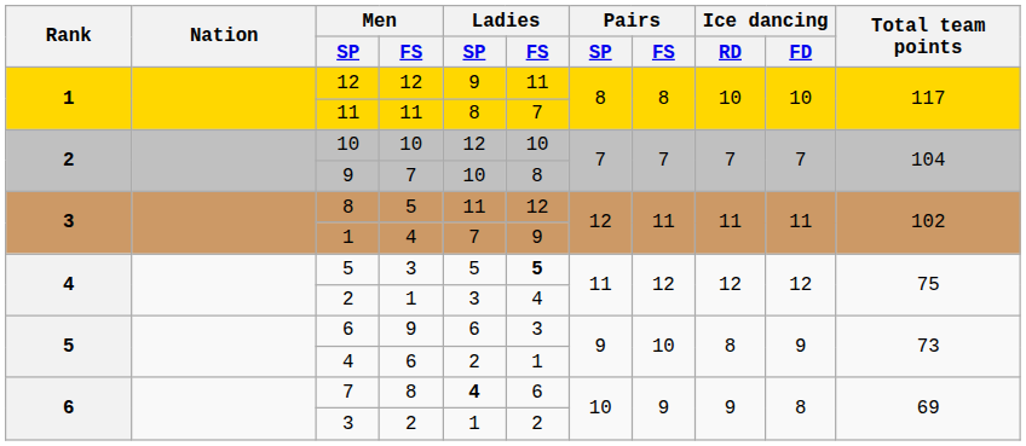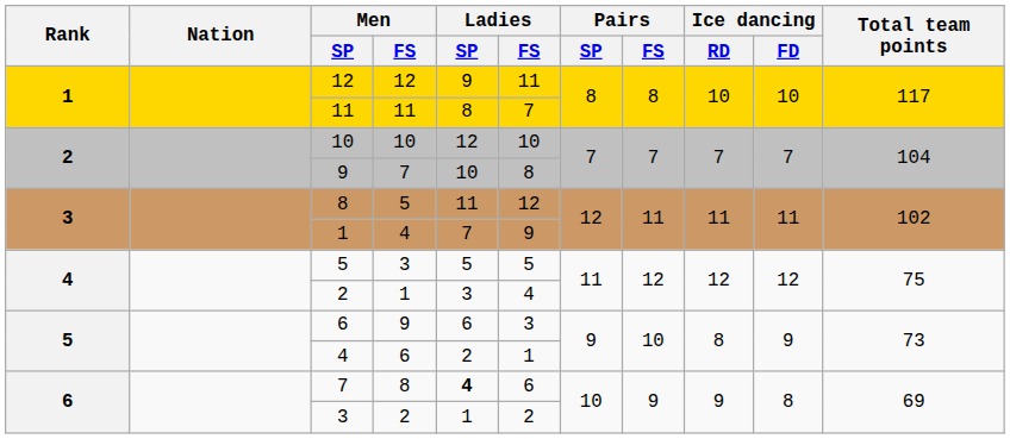 <table class="wikitable">
 <tr>
 <th width="80" rowspan="2">Rank</th>
 <th width="120" rowspan="2">Nation</th>
 <th width="80" colspan="2">Men</th>
 <th width="80" colspan="2">Ladies</th>
 <th width="80" colspan="2">Pairs</th>
 <th width="90" colspan="2">Ice dancing</th>
 <th width="120" rowspan="2">Total team points</th>
 </tr>
 <tr>
 <th><a href='#'>SP</a></th>
 <th><a href='#'>FS</a></th>
 <th><a href='#'>SP</a></th>
 <th><a href='#'>FS</a></th>
 <th><a href='#'>SP</a></th>
 <th><a href='#'>FS</a></th>
 <th><a href='#'>RD</a></th>
 <th><a href='#'>FD</a></th>
 </tr>
 <tr rowspan=2 bgcolor="gold">
 <td rowspan=2 align="center"><strong>1</strong></td>
 <td rowspan=2></td>
 <td align="center">12</td>
 <td align="center">12</td>
 <td align="center">9</td>
 <td align="center">11</td>
 <td rowspan=2 align="center">8</td>
 <td rowspan=2 align="center">8</td>
 <td rowspan=2 align="center">10</td>
 <td rowspan=2 align="center">10</td>
 <td rowspan=2 align="center">117</td>
 </tr>
 <tr bgcolor="gold">
 <td align="center">11</td>
 <td align="center">11</td>
 <td align="center">8</td>
 <td align="center">7</td>
 </tr>
 <tr rowspan=2 bgcolor="silver">
 <td rowspan=2 align="center"><strong>2</strong></td>
 <td rowspan=2></td>
 <td align="center">10</td>
 <td align="center">10</td>
 <td align="center">12</td>
 <td align="center">10</td>
 <td rowspan=2 align="center">7</td>
 <td rowspan=2 align="center">7</td>
 <td rowspan=2 align="center">7</td>
 <td rowspan=2 align="center">7</td>
 <td rowspan=2 align="center">104</td>
 </tr>
 <tr bgcolor="silver">
 <td align="center">9</td>
 <td align="center">7</td>
 <td align="center">10</td>
 <td align="center">8</td>
 </tr>
 <tr bgcolor="#cc9966" rowspan="2">
 <td rowspan=2 align="center"><strong>3</strong></td>
 <td rowspan=2></td>
 <td align="center">8</td>
 <td align="center">5</td>
 <td align="center">11</td>
 <td align="center">12</td>
 <td rowspan=2 align="center">12</td>
 <td rowspan=2 align="center">11</td>
 <td rowspan=2 align="center">11</td>
 <td rowspan=2 align="center">11</td>
 <td rowspan=2 align="center">102</td>
 </tr>
 <tr bgcolor="#cc9966">
 <td align="center">1</td>
 <td align="center">4</td>
 <td align="center">7</td>
 <td align="center">9</td>
 </tr>
 <tr>
 <th rowspan=2 align="center">4</th>
 <td rowspan=2></td>
 <td align="center">5</td>
 <td align="center">3</td>
 <td align="center">5</td>
-<td align="center"><strong>5</strong></td>
+<td align="center">5</td>
 <td rowspan=2 align="center">11</td>
 <td rowspan=2 align="center">12</td>
 <td rowspan=2 align="center">12</td>
 <td rowspan=2 align="center">12</td>
 <td rowspan=2 align="center">75</td>
 </tr>
 <tr>
 <td align="center">2</td>
 <td align="center">1</td>
 <td align="center">3</td>
 <td align="center">4</td>
 </tr>
 <tr>
 <th rowspan=2 align="center">5</th>
 <td rowspan=2></td>
 <td align="center">6</td>
 <td align="center">9</td>
 <td align="center">6</td>
 <td align="center">3</td>
 <td rowspan=2 align="center">9</td>
 <td rowspan=2 align="center">10</td>
 <td rowspan=2 align="center">8</td>
 <td rowspan=2 align="center">9</td>
 <td rowspan=2 align="center">73</td>
 </tr>
 <tr>
 <td align="center">4</td>
 <td align="center">6</td>
 <td align="center">2</td>
 <td align="center">1</td>
 </tr>
 <tr>
 <th rowspan=2 align="center">6</th>
 <td rowspan=2></td>
 <td align="center">7</td>
 <td align="center">8</td>
 <td align="center"><strong>4</strong></td>
 <td align="center">6</td>
 <td rowspan=2 align="center">10</td>
 <td rowspan=2 align="center">9</td>
 <td rowspan=2 align="center">9</td>
 <td rowspan=2 align="center">8</td>
 <td rowspan=2 align="center">69</td>
 </tr>
 <tr>
 <td align="center">3</td>
 <td align="center">2</td>
 <td align="center">1</td>
 <td align="center">2</td>
 </tr>
 </table>
